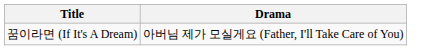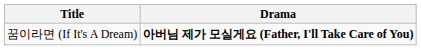 <table class="wikitable">
 <tr>
 <th>Title</th>
 <th>Drama</th>
 </tr>
 <tr>
 <td>꿈이라면 (If It's A Dream)</td>
-<td>아버님 제가 모실게요 (Father, I'll Take Care of You)</td>
+<td><strong>아버님 제가 모실게요 (Father, I'll Take Care of You)</strong></td>
 </tr>
 </table>
